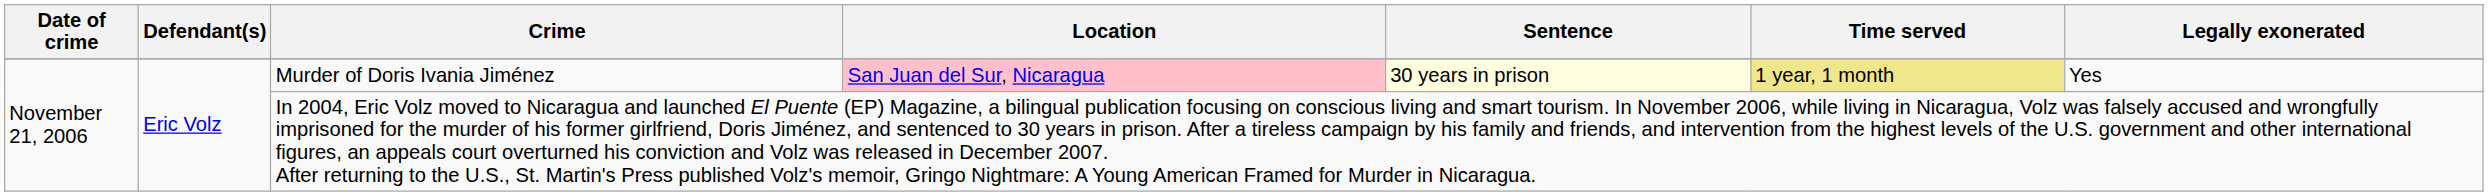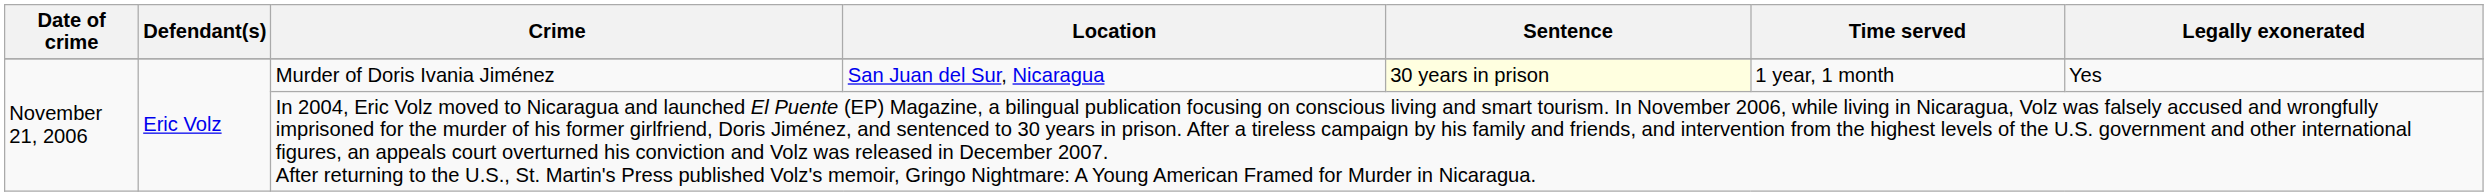 <table class="wikitable sortable">
 <tr>
 <th>Date of crime</th>
 <th>Defendant(s)</th>
 <th>Crime</th>
 <th>Location</th>
 <th>Sentence</th>
 <th>Time served</th>
 <th>Legally exonerated</th>
 </tr>
 <tr>
 </tr>
 <tr ->
 <td rowspan="2">November 21, 2006</td>
 <td rowspan="2"><a href='#'>Eric Volz</a></td>
 <td>Murder of Doris Ivania Jiménez</td>
-<td style="background: pink;"><a href='#'>San Juan del Sur</a>, <a href='#'>Nicaragua</a></td>
+<td><a href='#'>San Juan del Sur</a>, <a href='#'>Nicaragua</a></td>
 <td style="background: lightyellow;">30 years in prison</td>
-<td style="background: khaki;">1 year, 1 month</td>
+<td>1 year, 1 month</td>
 <td>Yes</td>
 </tr>
 <tr>
 <td colspan=5>In 2004, Eric Volz moved to Nicaragua and launched <em>El Puente</em> (EP) Magazine, a bilingual publication focusing on conscious living and smart tourism. In November 2006, while living in Nicaragua, Volz was falsely accused and wrongfully imprisoned for the murder of his former girlfriend, Doris Jiménez, and sentenced to 30 years in prison. After a tireless campaign by his family and friends, and intervention from the highest levels of the U.S. government and other international figures, an appeals court overturned his conviction and Volz was released in December 2007.<br>After returning to the U.S., St. Martin's Press published Volz's memoir, Gringo Nightmare: A Young American Framed for Murder in Nicaragua.</td>
 </tr>
 </table>
